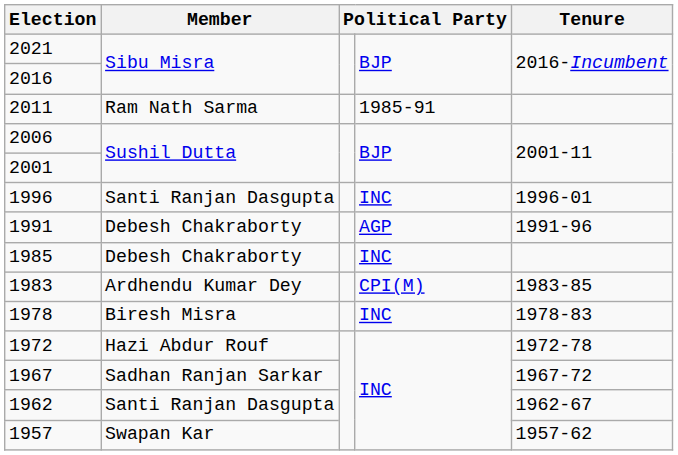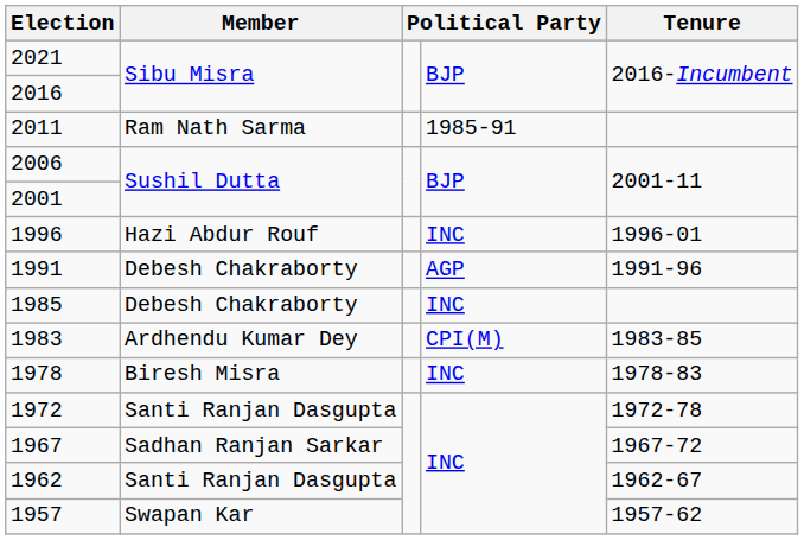 <table class="wikitable sortable">
 <tr>
 <th>Election</th>
 <th>Member</th>
 <th colspan="2">Political Party</th>
 <th>Tenure</th>
 </tr>
 <tr>
 <td>2021</td>
 <td rowspan=2><a href='#'>Sibu Misra</a></td>
 <td rowspan=2 style="background-color: "></td>
 <td rowspan=2><a href='#'>BJP</a></td>
 <td rowspan=2>2016-<em><a href='#'>Incumbent</a></em></td>
 </tr>
 <tr>
 <td>2016</td>
 </tr>
 <tr>
 <td>2011</td>
 <td>Ram Nath Sarma</td>
 <td></td>
 <td>1985-91</td>
 </tr>
 <tr>
 <td>2006</td>
 <td rowspan=2><a href='#'>Sushil Dutta</a></td>
 <td rowspan=2 style="background-color: "></td>
 <td rowspan=2><a href='#'>BJP</a></td>
 <td rowspan=2>2001-11</td>
 </tr>
 <tr>
 <td>2001</td>
 </tr>
 <tr>
 <td>1996</td>
-<td>Santi Ranjan Dasgupta</td>
+<td>Hazi Abdur Rouf</td>
 <td style="background-color:"></td>
 <td><a href='#'>INC</a></td>
 <td>1996-01</td>
 </tr>
 <tr>
 <td>1991</td>
 <td>Debesh Chakraborty</td>
 <td style="background-color:"></td>
 <td><a href='#'>AGP</a></td>
 <td>1991-96</td>
 </tr>
 <tr>
 <td>1985</td>
 <td>Debesh Chakraborty</td>
 <td></td>
 <td><a href='#'>INC</a></td>
 </tr>
 <tr>
 <td>1983</td>
 <td>Ardhendu Kumar Dey</td>
 <td style="background-color:"></td>
 <td><a href='#'>CPI(M)</a></td>
 <td>1983-85</td>
 </tr>
 <tr>
 <td>1978</td>
 <td>Biresh Misra</td>
 <td style="background-color:"></td>
 <td><a href='#'>INC</a></td>
 <td>1978-83</td>
 </tr>
 <tr>
 <td>1972</td>
-<td>Hazi Abdur Rouf</td>
+<td>Santi Ranjan Dasgupta</td>
 <td rowspan=4 style="background-color:"></td>
 <td rowspan=4><a href='#'>INC</a></td>
 <td>1972-78</td>
 </tr>
 <tr>
 <td>1967</td>
 <td>Sadhan Ranjan Sarkar</td>
 <td>1967-72</td>
 </tr>
 <tr>
 <td>1962</td>
 <td>Santi Ranjan Dasgupta</td>
 <td>1962-67</td>
 </tr>
 <tr>
 <td>1957</td>
 <td>Swapan Kar</td>
 <td>1957-62</td>
 </tr>
 </table>
